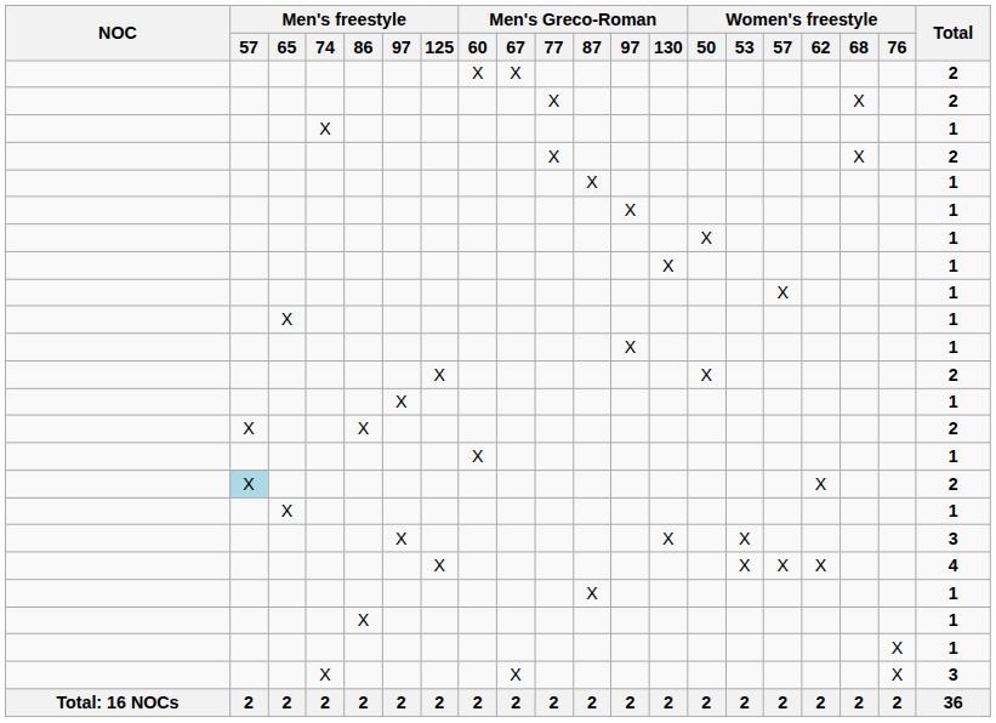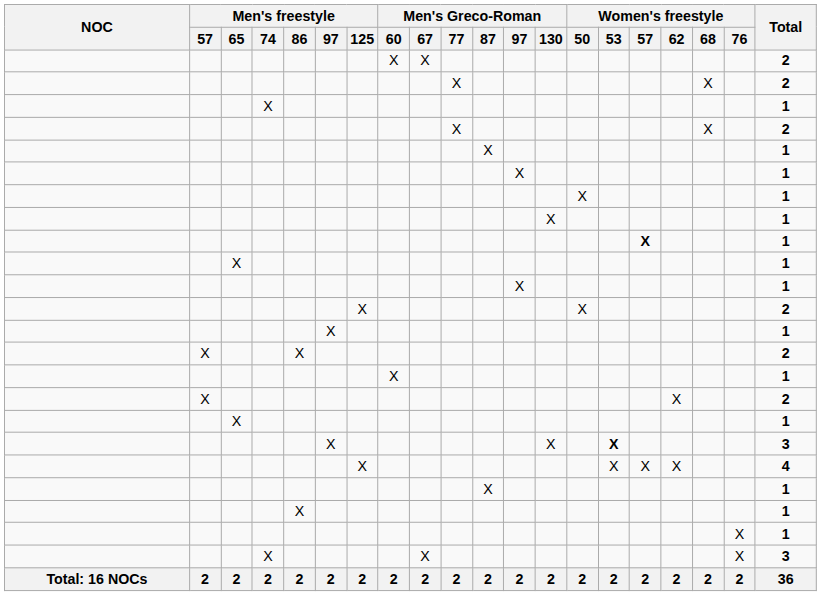 <table class="wikitable" style="text-align:center; font-size:90%">
 <tr>
 <th rowspan="2" width=180 style="text-align:center;">NOC</th>
 <th colspan="6">Men's freestyle</th>
 <th colspan="6">Men's Greco-Roman</th>
 <th colspan=6>Women's freestyle</th>
 <th ! width=55 rowspan="2">Total</th>
 </tr>
 <tr>
 <th width="25">57</th>
 <th width="25">65</th>
 <th width="25">74</th>
 <th width="25">86</th>
 <th width="25">97</th>
 <th width="25">125</th>
 <th width="25">60</th>
 <th width="25">67</th>
 <th width="25">77</th>
 <th width="25">87</th>
 <th width="25">97</th>
 <th width="25">130</th>
 <th width="25">50</th>
 <th width="25">53</th>
 <th width="25">57</th>
 <th width="25">62</th>
 <th width="25">68</th>
 <th width="25">76</th>
 </tr>
 <tr>
 <td align=left></td>
 <td></td>
 <td></td>
 <td></td>
 <td></td>
 <td></td>
 <td></td>
 <td>X</td>
 <td>X</td>
 <td></td>
 <td></td>
 <td></td>
 <td></td>
 <td></td>
 <td></td>
 <td></td>
 <td></td>
 <td></td>
 <td></td>
 <td><strong>2</strong></td>
 </tr>
 <tr>
 <td align=left></td>
 <td></td>
 <td></td>
 <td></td>
 <td></td>
 <td></td>
 <td></td>
 <td></td>
 <td></td>
 <td>X</td>
 <td></td>
 <td></td>
 <td></td>
 <td></td>
 <td></td>
 <td></td>
 <td></td>
 <td>X</td>
 <td></td>
 <td><strong>2</strong></td>
 </tr>
 <tr>
 <td align=left></td>
 <td></td>
 <td></td>
 <td>X</td>
 <td></td>
 <td></td>
 <td></td>
 <td></td>
 <td></td>
 <td></td>
 <td></td>
 <td></td>
 <td></td>
 <td></td>
 <td></td>
 <td></td>
 <td></td>
 <td></td>
 <td></td>
 <td><strong>1</strong></td>
 </tr>
 <tr>
 <td align=left></td>
 <td></td>
 <td></td>
 <td></td>
 <td></td>
 <td></td>
 <td></td>
 <td></td>
 <td></td>
 <td>X</td>
 <td></td>
 <td></td>
 <td></td>
 <td></td>
 <td></td>
 <td></td>
 <td></td>
 <td>X</td>
 <td></td>
 <td><strong>2</strong></td>
 </tr>
 <tr>
 <td align=left></td>
 <td></td>
 <td></td>
 <td></td>
 <td></td>
 <td></td>
 <td></td>
 <td></td>
 <td></td>
 <td></td>
 <td>X</td>
 <td></td>
 <td></td>
 <td></td>
 <td></td>
 <td></td>
 <td></td>
 <td></td>
 <td></td>
 <td><strong>1</strong></td>
 </tr>
 <tr>
 <td align=left></td>
 <td></td>
 <td></td>
 <td></td>
 <td></td>
 <td></td>
 <td></td>
 <td></td>
 <td></td>
 <td></td>
 <td></td>
 <td>X</td>
 <td></td>
 <td></td>
 <td></td>
 <td></td>
 <td></td>
 <td></td>
 <td></td>
 <td><strong>1</strong></td>
 </tr>
 <tr>
 <td align=left></td>
 <td></td>
 <td></td>
 <td></td>
 <td></td>
 <td></td>
 <td></td>
 <td></td>
 <td></td>
 <td></td>
 <td></td>
 <td></td>
 <td></td>
 <td>X</td>
 <td></td>
 <td></td>
 <td></td>
 <td></td>
 <td></td>
 <td><strong>1</strong></td>
 </tr>
 <tr>
 <td align=left></td>
 <td></td>
 <td></td>
 <td></td>
 <td></td>
 <td></td>
 <td></td>
 <td></td>
 <td></td>
 <td></td>
 <td></td>
 <td></td>
 <td>X</td>
 <td></td>
 <td></td>
 <td></td>
 <td></td>
 <td></td>
 <td></td>
 <td><strong>1</strong></td>
 </tr>
 <tr>
 <td align=left></td>
 <td></td>
 <td></td>
 <td></td>
 <td></td>
 <td></td>
 <td></td>
 <td></td>
 <td></td>
 <td></td>
 <td></td>
 <td></td>
 <td></td>
 <td></td>
 <td></td>
-<td>X</td>
+<td><strong>X</strong></td>
 <td></td>
 <td></td>
 <td></td>
 <td><strong>1</strong></td>
 </tr>
 <tr>
 <td align=left></td>
 <td></td>
 <td>X</td>
 <td></td>
 <td></td>
 <td></td>
 <td></td>
 <td></td>
 <td></td>
 <td></td>
 <td></td>
 <td></td>
 <td></td>
 <td></td>
 <td></td>
 <td></td>
 <td></td>
 <td></td>
 <td></td>
 <td><strong>1</strong></td>
 </tr>
 <tr>
 <td align=left></td>
 <td></td>
 <td></td>
 <td></td>
 <td></td>
 <td></td>
 <td></td>
 <td></td>
 <td></td>
 <td></td>
 <td></td>
 <td>X</td>
 <td></td>
 <td></td>
 <td></td>
 <td></td>
 <td></td>
 <td></td>
 <td></td>
 <td><strong>1</strong></td>
 </tr>
 <tr>
 <td align=left></td>
 <td></td>
 <td></td>
 <td></td>
 <td></td>
 <td></td>
 <td>X</td>
 <td></td>
 <td></td>
 <td></td>
 <td></td>
 <td></td>
 <td></td>
 <td>X</td>
 <td></td>
 <td></td>
 <td></td>
 <td></td>
 <td></td>
 <td><strong>2</strong></td>
 </tr>
 <tr>
 <td align=left></td>
 <td></td>
 <td></td>
 <td></td>
 <td></td>
 <td>X</td>
 <td></td>
 <td></td>
 <td></td>
 <td></td>
 <td></td>
 <td></td>
 <td></td>
 <td></td>
 <td></td>
 <td></td>
 <td></td>
 <td></td>
 <td></td>
 <td><strong>1</strong></td>
 </tr>
 <tr>
 <td align=left></td>
 <td>X</td>
 <td></td>
 <td></td>
 <td>X</td>
 <td></td>
 <td></td>
 <td></td>
 <td></td>
 <td></td>
 <td></td>
 <td></td>
 <td></td>
 <td></td>
 <td></td>
 <td></td>
 <td></td>
 <td></td>
 <td></td>
 <td><strong>2</strong></td>
 </tr>
 <tr>
 <td align=left></td>
 <td></td>
 <td></td>
 <td></td>
 <td></td>
 <td></td>
 <td></td>
 <td>X</td>
 <td></td>
 <td></td>
 <td></td>
 <td></td>
 <td></td>
 <td></td>
 <td></td>
 <td></td>
 <td></td>
 <td></td>
 <td></td>
 <td><strong>1</strong></td>
 </tr>
 <tr>
 <td align=left></td>
-<td style="background: lightblue;">X</td>
+<td>X</td>
 <td></td>
 <td></td>
 <td></td>
 <td></td>
 <td></td>
 <td></td>
 <td></td>
 <td></td>
 <td></td>
 <td></td>
 <td></td>
 <td></td>
 <td></td>
 <td></td>
 <td>X</td>
 <td></td>
 <td></td>
 <td><strong>2</strong></td>
 </tr>
 <tr>
 <td align=left></td>
 <td></td>
 <td>X</td>
 <td></td>
 <td></td>
 <td></td>
 <td></td>
 <td></td>
 <td></td>
 <td></td>
 <td></td>
 <td></td>
 <td></td>
 <td></td>
 <td></td>
 <td></td>
 <td></td>
 <td></td>
 <td></td>
 <td><strong>1</strong></td>
 </tr>
 <tr>
 <td align=left></td>
 <td></td>
 <td></td>
 <td></td>
 <td></td>
 <td>X</td>
 <td></td>
 <td></td>
 <td></td>
 <td></td>
 <td></td>
 <td></td>
 <td>X</td>
 <td></td>
-<td>X</td>
+<td><strong>X</strong></td>
 <td></td>
 <td></td>
 <td></td>
 <td></td>
 <td><strong>3</strong></td>
 </tr>
 <tr>
 <td align=left></td>
 <td></td>
 <td></td>
 <td></td>
 <td></td>
 <td></td>
 <td>X</td>
 <td></td>
 <td></td>
 <td></td>
 <td></td>
 <td></td>
 <td></td>
 <td></td>
 <td>X</td>
 <td>X</td>
 <td>X</td>
 <td></td>
 <td></td>
 <td><strong>4</strong></td>
 </tr>
 <tr>
 <td align=left></td>
 <td></td>
 <td></td>
 <td></td>
 <td></td>
 <td></td>
 <td></td>
 <td></td>
 <td></td>
 <td></td>
 <td>X</td>
 <td></td>
 <td></td>
 <td></td>
 <td></td>
 <td></td>
 <td></td>
 <td></td>
 <td></td>
 <td><strong>1</strong></td>
 </tr>
 <tr>
 <td align=left></td>
 <td></td>
 <td></td>
 <td></td>
 <td>X</td>
 <td></td>
 <td></td>
 <td></td>
 <td></td>
 <td></td>
 <td></td>
 <td></td>
 <td></td>
 <td></td>
 <td></td>
 <td></td>
 <td></td>
 <td></td>
 <td></td>
 <td><strong>1</strong></td>
 </tr>
 <tr>
 <td align=left></td>
 <td></td>
 <td></td>
 <td></td>
 <td></td>
 <td></td>
 <td></td>
 <td></td>
 <td></td>
 <td></td>
 <td></td>
 <td></td>
 <td></td>
 <td></td>
 <td></td>
 <td></td>
 <td></td>
 <td></td>
 <td>X</td>
 <td><strong>1</strong></td>
 </tr>
 <tr>
 <td align=left></td>
 <td></td>
 <td></td>
 <td>X</td>
 <td></td>
 <td></td>
 <td></td>
 <td></td>
 <td>X</td>
 <td></td>
 <td></td>
 <td></td>
 <td></td>
 <td></td>
 <td></td>
 <td></td>
 <td></td>
 <td></td>
 <td>X</td>
 <td><strong>3</strong></td>
 </tr>
 <tr>
 <th>Total: 16 NOCs</th>
 <th>2</th>
 <th>2</th>
 <th>2</th>
 <th>2</th>
 <th>2</th>
 <th>2</th>
 <th>2</th>
 <th>2</th>
 <th>2</th>
 <th>2</th>
 <th>2</th>
 <th>2</th>
 <th>2</th>
 <th>2</th>
 <th>2</th>
 <th>2</th>
 <th>2</th>
 <th>2</th>
 <th>36</th>
 </tr>
 </table>
